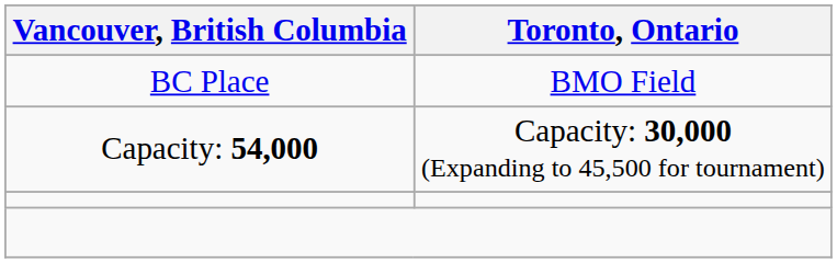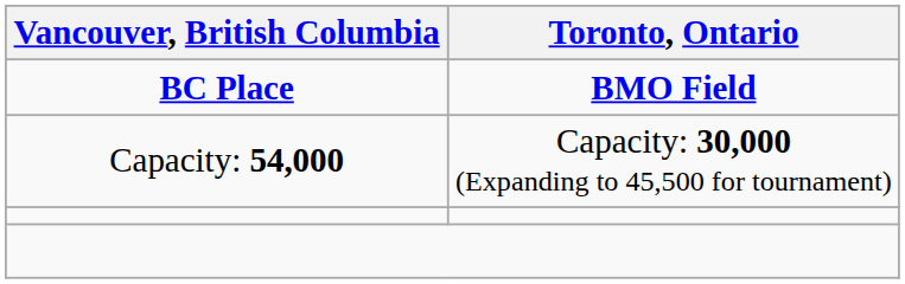 <table class="wikitable" style="text-align:center">
 <tr>
 <th><a href='#'>Vancouver</a>, <a href='#'>British Columbia</a></th>
 <th><a href='#'>Toronto</a>, <a href='#'>Ontario</a></th>
 </tr>
 <tr>
-<td><a href='#'>BC Place</a></td>
-<td><a href='#'>BMO Field</a></td>
+<td><strong><a href='#'>BC Place</a></strong></td>
+<td><strong><a href='#'>BMO Field</a></strong></td>
 </tr>
 <tr>
 <td>Capacity: <strong>54,000</strong></td>
 <td>Capacity: <strong>30,000</strong><br><small> (Expanding to 45,500 for tournament)</small></td>
 </tr>
 <tr>
 <td></td>
 <td></td>
 </tr>
 <tr>
 <td colspan="3"><br></td>
 </tr>
 </table>
